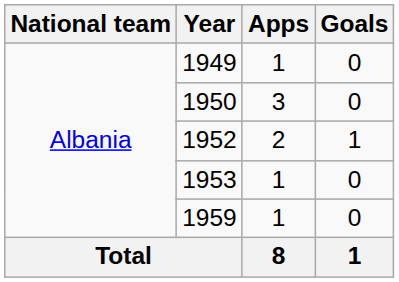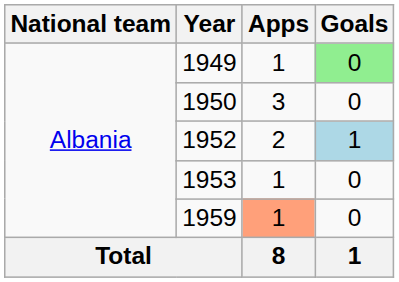 <table class=wikitable style="text-align: center;">
 <tr>
 <th>National team</th>
 <th>Year</th>
 <th>Apps</th>
 <th>Goals</th>
 </tr>
 <tr>
 <td rowspan=5><a href='#'>Albania</a></td>
 <td>1949</td>
 <td>1</td>
-<td>0</td>
+<td style="background: lightgreen;">0</td>
 </tr>
 <tr>
 <td>1950</td>
 <td>3</td>
 <td>0</td>
 </tr>
 <tr>
 <td>1952</td>
 <td>2</td>
-<td>1</td>
+<td style="background: lightblue;">1</td>
 </tr>
 <tr>
 <td>1953</td>
 <td>1</td>
 <td>0</td>
 </tr>
 <tr>
 <td>1959</td>
-<td>1</td>
+<td style="background: lightsalmon;">1</td>
 <td>0</td>
 </tr>
 <tr>
 <th colspan=2>Total</th>
 <th>8</th>
 <th>1</th>
 </tr>
 </table>
